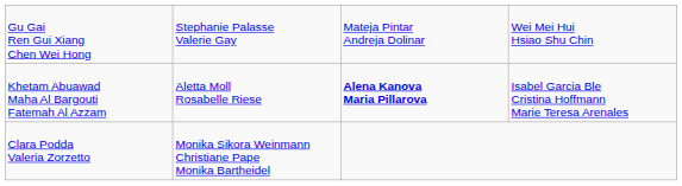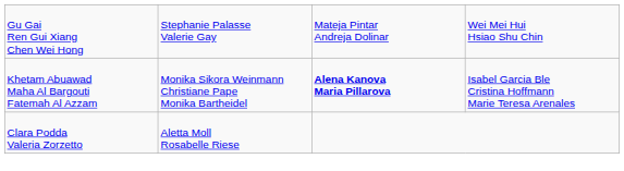 <table class="wikitable">
 <tr>
 <td style="vertical-align:top; width:220px"><br><a href='#'>Gu Gai</a><br><a href='#'>Ren Gui Xiang</a><br><a href='#'>Chen Wei Hong</a></td>
 <td style="vertical-align:top; width:220px"><br><a href='#'>Stephanie Palasse</a><br><a href='#'>Valerie Gay</a></td>
 <td style="vertical-align:top; width:220px"><br><a href='#'>Mateja Pintar</a><br><a href='#'>Andreja Dolinar</a></td>
 <td style="vertical-align:top; width:220px"><br><a href='#'>Wei Mei Hui</a><br><a href='#'>Hsiao Shu Chin</a></td>
 </tr>
 <tr>
 <td style="vertical-align:top; width:220px"><br><a href='#'>Khetam Abuawad</a><br><a href='#'>Maha Al Bargouti</a><br><a href='#'>Fatemah Al Azzam</a></td>
-<td style="vertical-align:top; width:220px"><br><a href='#'>Aletta Moll</a><br><a href='#'>Rosabelle Riese</a></td>
+<td style="vertical-align:top; width:220px"><br><a href='#'>Monika Sikora Weinmann</a><br><a href='#'>Christiane Pape</a><br><a href='#'>Monika Bartheidel</a></td>
 <td style="vertical-align:top; width:220px"><strong><br><a href='#'>Alena Kanova</a><br><a href='#'>Maria Pillarova</a></strong></td>
 <td style="vertical-align:top; width:220px"><br><a href='#'>Isabel Garcia Ble</a><br><a href='#'>Cristina Hoffmann</a><br><a href='#'>Marie Teresa Arenales</a></td>
 </tr>
 <tr>
 <td style="vertical-align:top; width:220px"><br><a href='#'>Clara Podda</a><br><a href='#'>Valeria Zorzetto</a></td>
-<td style="vertical-align:top; width:220px"><br><a href='#'>Monika Sikora Weinmann</a><br><a href='#'>Christiane Pape</a><br><a href='#'>Monika Bartheidel</a></td>
+<td style="vertical-align:top; width:220px"><br><a href='#'>Aletta Moll</a><br><a href='#'>Rosabelle Riese</a></td>
 </tr>
 </table>
